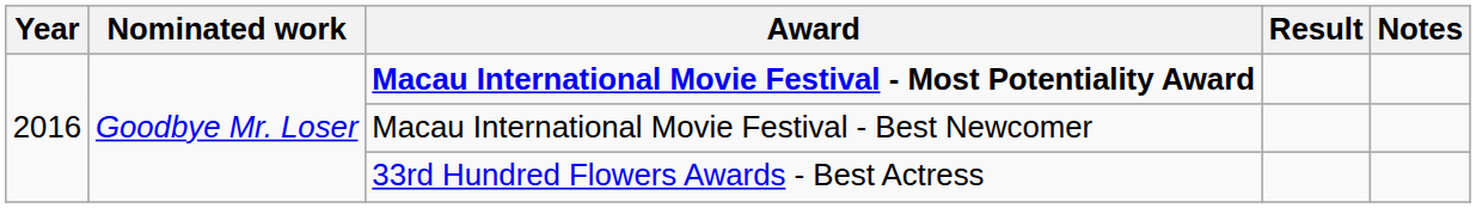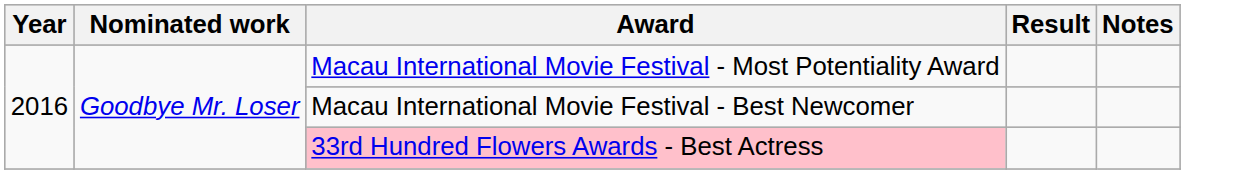 <table class="wikitable">
 <tr>
 <th>Year</th>
 <th>Nominated work</th>
 <th>Award</th>
 <th>Result</th>
 <th>Notes</th>
 </tr>
 <tr>
 <td rowspan="3">2016</td>
 <td rowspan="3"><em><a href='#'>Goodbye Mr. Loser</a></em></td>
-<td><strong><a href='#'>Macau International Movie Festival</a> - Most Potentiality Award</strong></td>
+<td><a href='#'>Macau International Movie Festival</a> - Most Potentiality Award</td>
 <td></td>
 <td></td>
 </tr>
 <tr>
 <td>Macau International Movie Festival - Best Newcomer</td>
 <td></td>
 <td></td>
 </tr>
 <tr>
-<td><a href='#'>33rd Hundred Flowers Awards</a> - Best Actress</td>
+<td style="background: pink;"><a href='#'>33rd Hundred Flowers Awards</a> - Best Actress</td>
 <td></td>
 <td></td>
 </tr>
 </table>
